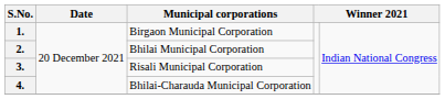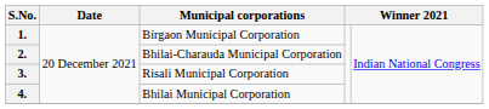 <table class="wikitable sortable">
 <tr>
 <th>S.No.</th>
 <th>Date</th>
 <th>Municipal corporations</th>
 <th colspan="5">Winner 2021</th>
 </tr>
 <tr>
 <th>1.</th>
 <td rowspan="4">20 December 2021</td>
 <td>Birgaon Municipal Corporation</td>
 <td rowspan="4"></td>
 <td rowspan="4"><a href='#'>Indian National Congress</a></td>
 </tr>
 <tr>
 <th>2.</th>
-<td>Bhilai Municipal Corporation</td>
+<td>Bhilai-Charauda Municipal Corporation</td>
 </tr>
 <tr>
 <th>3.</th>
 <td>Risali Municipal Corporation</td>
 </tr>
 <tr>
 <th>4.</th>
-<td>Bhilai-Charauda Municipal Corporation</td>
+<td>Bhilai Municipal Corporation</td>
 </tr>
 <tr>
 </tr>
 </table>
